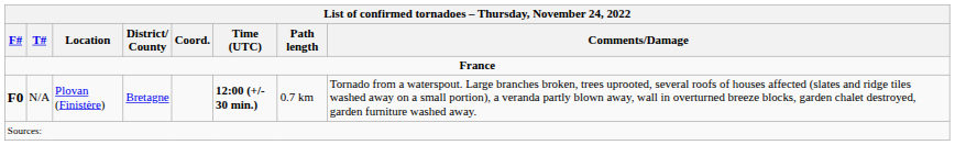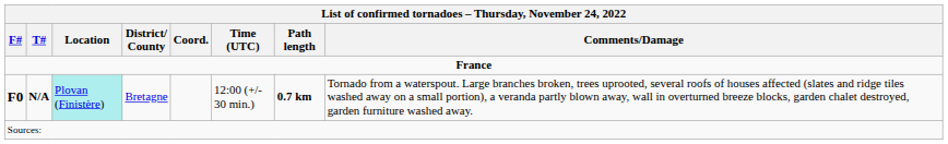 <table class="wikitable collapsible" width="100%">
 <tr>
 <th colspan="8">List of confirmed tornadoes – Thursday, November 24, 2022</th>
 </tr>
 <tr>
 <th><a href='#'>F#</a></th>
 <th><a href='#'>T#</a></th>
 <th>Location</th>
 <th>District/<br>County</th>
 <th>Coord.</th>
 <th>Time (UTC)</th>
 <th>Path length</th>
 <th>Comments/Damage</th>
 </tr>
 <tr>
 <td colspan="8" align=center><strong>France</strong></td>
 </tr>
 <tr>
 <td><big><strong>F0</strong></big></td>
-<td>N/A</td>
-<td><a href='#'>Plovan</a> (<a href='#'>Finistère</a>)</td>
+<td><strong>N/A</strong></td>
+<td style="background: paleturquoise;"><a href='#'>Plovan</a> (<a href='#'>Finistère</a>)</td>
 <td><a href='#'>Bretagne</a></td>
 <td></td>
-<td><strong>12:00 (+/- 30 min.)</strong></td>
-<td>0.7 km</td>
+<td>12:00 (+/- 30 min.)</td>
+<td><strong>0.7 km</strong></td>
 <td>Tornado from a waterspout. Large branches broken, trees uprooted, several roofs of houses affected (slates and ridge tiles washed away on a small portion), a veranda partly blown away, wall in overturned breeze blocks, garden chalet destroyed, garden furniture washed away.</td>
 </tr>
 <tr>
 <td colspan="8"><small>Sources:  </small></td>
 </tr>
 </table>
